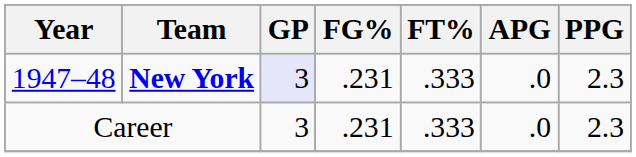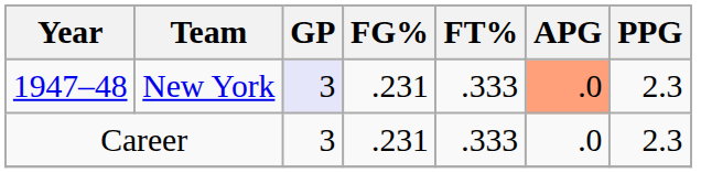 <table class="wikitable sortable" style="font-size:95%; text-align:right;">
 <tr>
 <th>Year</th>
 <th>Team</th>
 <th>GP</th>
 <th>FG%</th>
 <th>FT%</th>
 <th>APG</th>
 <th>PPG</th>
 </tr>
 <tr>
 <td style="text-align:left;"><a href='#'>1947–48</a></td>
-<td style="text-align:left;"><strong><a href='#'>New York</a></strong></td>
+<td style="text-align:left;"><a href='#'>New York</a></td>
 <td style="background: lavender;">3</td>
 <td>.231</td>
 <td>.333</td>
-<td>.0</td>
+<td style="background: lightsalmon;">.0</td>
 <td>2.3</td>
 </tr>
 <tr>
 <td style="text-align:center;" colspan="2">Career</td>
 <td>3</td>
 <td>.231</td>
 <td>.333</td>
 <td>.0</td>
 <td>2.3</td>
 </tr>
 <tr>
 </tr>
 </table>
